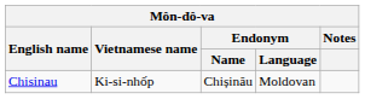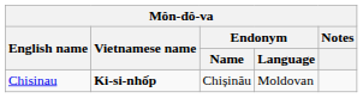 <table class="wikitable sortable">
 <tr>
 <th colspan="5"> Môn-đô-va</th>
 </tr>
 <tr>
 <th rowspan="2">English name</th>
 <th rowspan="2">Vietnamese name</th>
 <th colspan="2">Endonym</th>
 <th>Notes</th>
 </tr>
 <tr>
 <th>Name</th>
 <th>Language</th>
 <th></th>
 </tr>
 <tr>
 <td><a href='#'>Chisinau</a></td>
-<td>Ki-si-nhốp</td>
+<td><strong>Ki-si-nhốp</strong></td>
 <td>Chișinău</td>
 <td>Moldovan</td>
 <td></td>
 </tr>
 </table>
